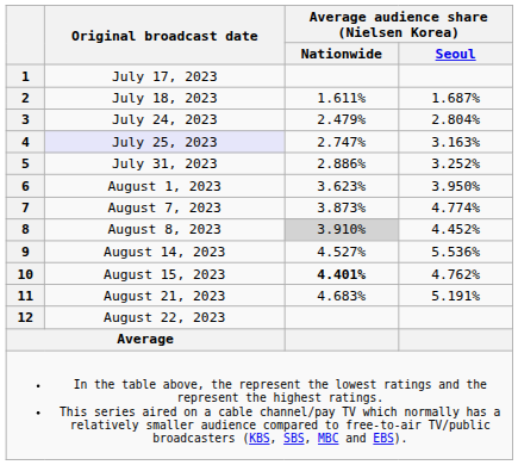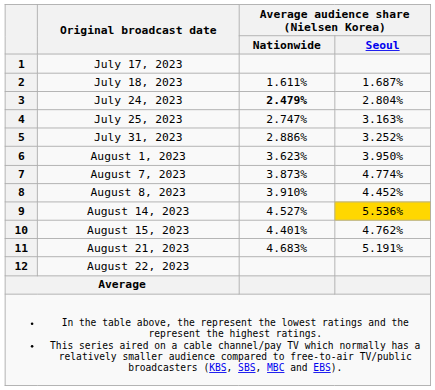 <table class="wikitable" style="margin-left:auto; margin-right:auto; width:490px; text-align:center">
 <tr>
 <th scope="col" rowspan="2"></th>
 <th scope="col" rowspan="2">Original broadcast date</th>
 <th scope="col" colspan="2">Average audience share<br>(Nielsen Korea)</th>
 </tr>
 <tr>
 <th scope="col" style="width:8em">Nationwide</th>
 <th scope="col" style="width:8em"><a href='#'>Seoul</a></th>
 </tr>
 <tr>
 <th scope="row">1</th>
 <td>July 17, 2023</td>
 <td><strong></strong> </td>
 <td><strong></strong> </td>
 </tr>
 <tr>
 <th scope="row">2</th>
 <td>July 18, 2023</td>
 <td>1.611% </td>
 <td>1.687% </td>
 </tr>
 <tr>
 <th scope="row">3</th>
 <td>July 24, 2023</td>
-<td>2.479% </td>
+<td><strong>2.479% </strong></td>
 <td>2.804% </td>
 </tr>
 <tr>
 <th scope="row">4</th>
-<td style="background: lavender;">July 25, 2023</td>
+<td>July 25, 2023</td>
 <td>2.747% </td>
 <td>3.163% </td>
 </tr>
 <tr>
 <th scope="row">5</th>
 <td>July 31, 2023</td>
 <td>2.886% </td>
 <td>3.252% </td>
 </tr>
 <tr>
 <th scope="row">6</th>
 <td>August 1, 2023</td>
 <td>3.623% </td>
 <td>3.950% </td>
 </tr>
 <tr>
 <th scope="row">7</th>
 <td>August 7, 2023</td>
 <td>3.873% </td>
 <td>4.774% </td>
 </tr>
 <tr>
 <th scope="row">8</th>
 <td>August 8, 2023</td>
-<td style="background: lightgrey;">3.910% </td>
+<td>3.910% </td>
 <td>4.452% </td>
 </tr>
 <tr>
 <th scope="row">9</th>
 <td>August 14, 2023</td>
 <td>4.527% </td>
-<td>5.536% </td>
+<td style="background: gold;">5.536% </td>
 </tr>
 <tr>
 <th scope="row">10</th>
 <td>August 15, 2023</td>
-<td><strong>4.401% </strong></td>
+<td>4.401% </td>
 <td>4.762% </td>
 </tr>
 <tr>
 <th scope="row">11</th>
 <td>August 21, 2023</td>
 <td>4.683% </td>
 <td>5.191% </td>
 </tr>
 <tr>
 <th scope="row">12</th>
 <td>August 22, 2023</td>
 <td><strong></strong> </td>
 <td><strong></strong> </td>
 </tr>
 <tr>
 <th colspan="2">Average</th>
 <th></th>
 <th></th>
 </tr>
 <tr>
 <td colspan="4" style="font-size:85%"><br><ul><li>In the table above, the <strong></strong> represent the lowest ratings and the <strong></strong> represent the highest ratings.</li><li>This series aired on a cable channel/pay TV which normally has a relatively smaller audience compared to free-to-air TV/public broadcasters (<a href='#'>KBS</a>, <a href='#'>SBS</a>, <a href='#'>MBC</a> and <a href='#'>EBS</a>).</li></ul></td>
 </tr>
 </table>
